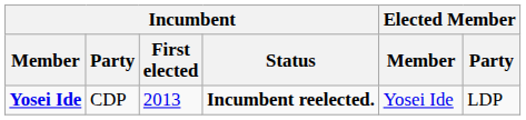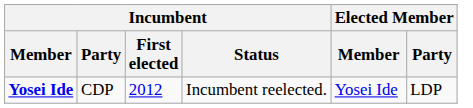 <table class="wikitable sortable">
 <tr>
 <th colspan=4>Incumbent</th>
 <th colspan=2>Elected Member</th>
 </tr>
 <tr>
 <th>Member</th>
 <th>Party</th>
 <th>First<br>elected</th>
 <th>Status</th>
 <th>Member</th>
 <th>Party</th>
 </tr>
 <tr>
 <td><strong><a href='#'>Yosei Ide</a></strong></td>
 <td>CDP</td>
-<td><a href='#'>2013</a></td>
-<td><strong>Incumbent reelected.</strong></td>
+<td><a href='#'>2012</a></td>
+<td>Incumbent reelected.</td>
 <td><a href='#'>Yosei Ide</a></td>
 <td>LDP</td>
 </tr>
 </table>
